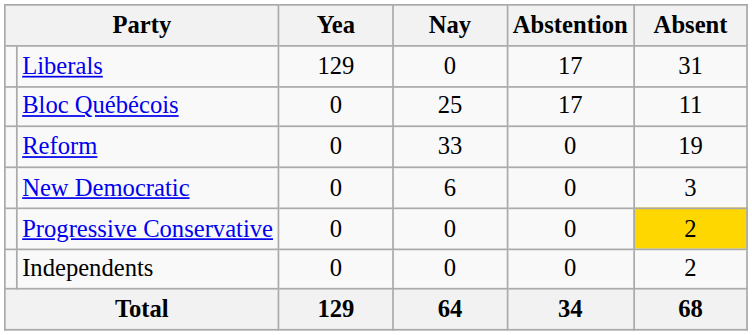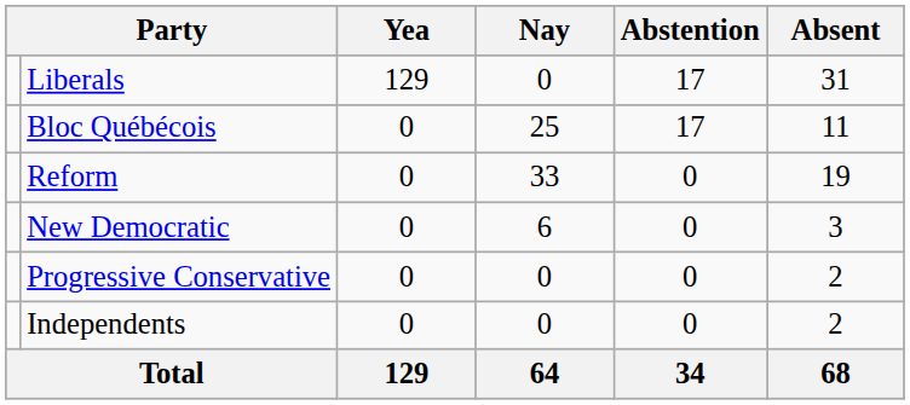 <table class="wikitable" align="center" style="text-align:center; font-size:90%">
 <tr>
 <th colspan="2">Party</th>
 <th width=60px>Yea</th>
 <th width=60px>Nay</th>
 <th width=60px>Abstention</th>
 <th width=60px>Absent</th>
 </tr>
 <tr>
 <td style="background:"></td>
 <td align="left"><a href='#'>Liberals</a></td>
 <td>129</td>
 <td>0</td>
 <td>17</td>
 <td>31</td>
 </tr>
 <tr>
 <td style="background:"></td>
 <td align="left"><a href='#'>Bloc Québécois</a></td>
 <td>0</td>
 <td>25</td>
 <td>17</td>
 <td>11</td>
 </tr>
 <tr>
 <td style="background:"></td>
 <td align="left"><a href='#'>Reform</a></td>
 <td>0</td>
 <td>33</td>
 <td>0</td>
 <td>19</td>
 </tr>
 <tr>
 <td style="background:"></td>
 <td align="left"><a href='#'>New Democratic</a></td>
 <td>0</td>
 <td>6</td>
 <td>0</td>
 <td>3</td>
 </tr>
 <tr>
 <td style="background:"></td>
 <td align="left"><a href='#'>Progressive Conservative</a></td>
 <td>0</td>
 <td>0</td>
 <td>0</td>
-<td style="background: gold;">2</td>
+<td>2</td>
 </tr>
 <tr>
 <td style="background:"></td>
 <td align="left">Independents</td>
 <td>0</td>
 <td>0</td>
 <td>0</td>
 <td>2</td>
 </tr>
 <tr>
 <th colspan=2>Total</th>
 <th>129</th>
 <th>64</th>
 <th>34</th>
 <th>68</th>
 </tr>
 </table>
